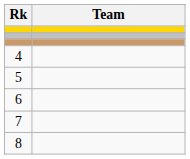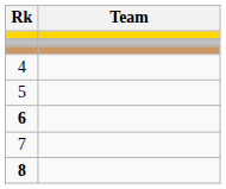 <table class=wikitable style=text-align:center>
 <tr>
 <th width=25>Rk</th>
 <th width=170>Team</th>
 </tr>
 <tr bgcolor=gold>
 <td></td>
 <td align=left><strong></strong></td>
 </tr>
 <tr bgcolor=silver>
 <td></td>
 <td align=left></td>
 </tr>
 <tr bgcolor=cc9966>
 <td></td>
 <td align=left></td>
 </tr>
 <tr>
 <td>4</td>
 <td align=left></td>
 </tr>
 <tr>
 <td>5</td>
 <td align=left></td>
 </tr>
 <tr>
-<td>6</td>
+<td><strong>6</strong></td>
 <td align=left></td>
 </tr>
 <tr>
 <td>7</td>
 <td align=left></td>
 </tr>
 <tr>
-<td>8</td>
+<td><strong>8</strong></td>
 <td align=left></td>
 </tr>
 </table>
